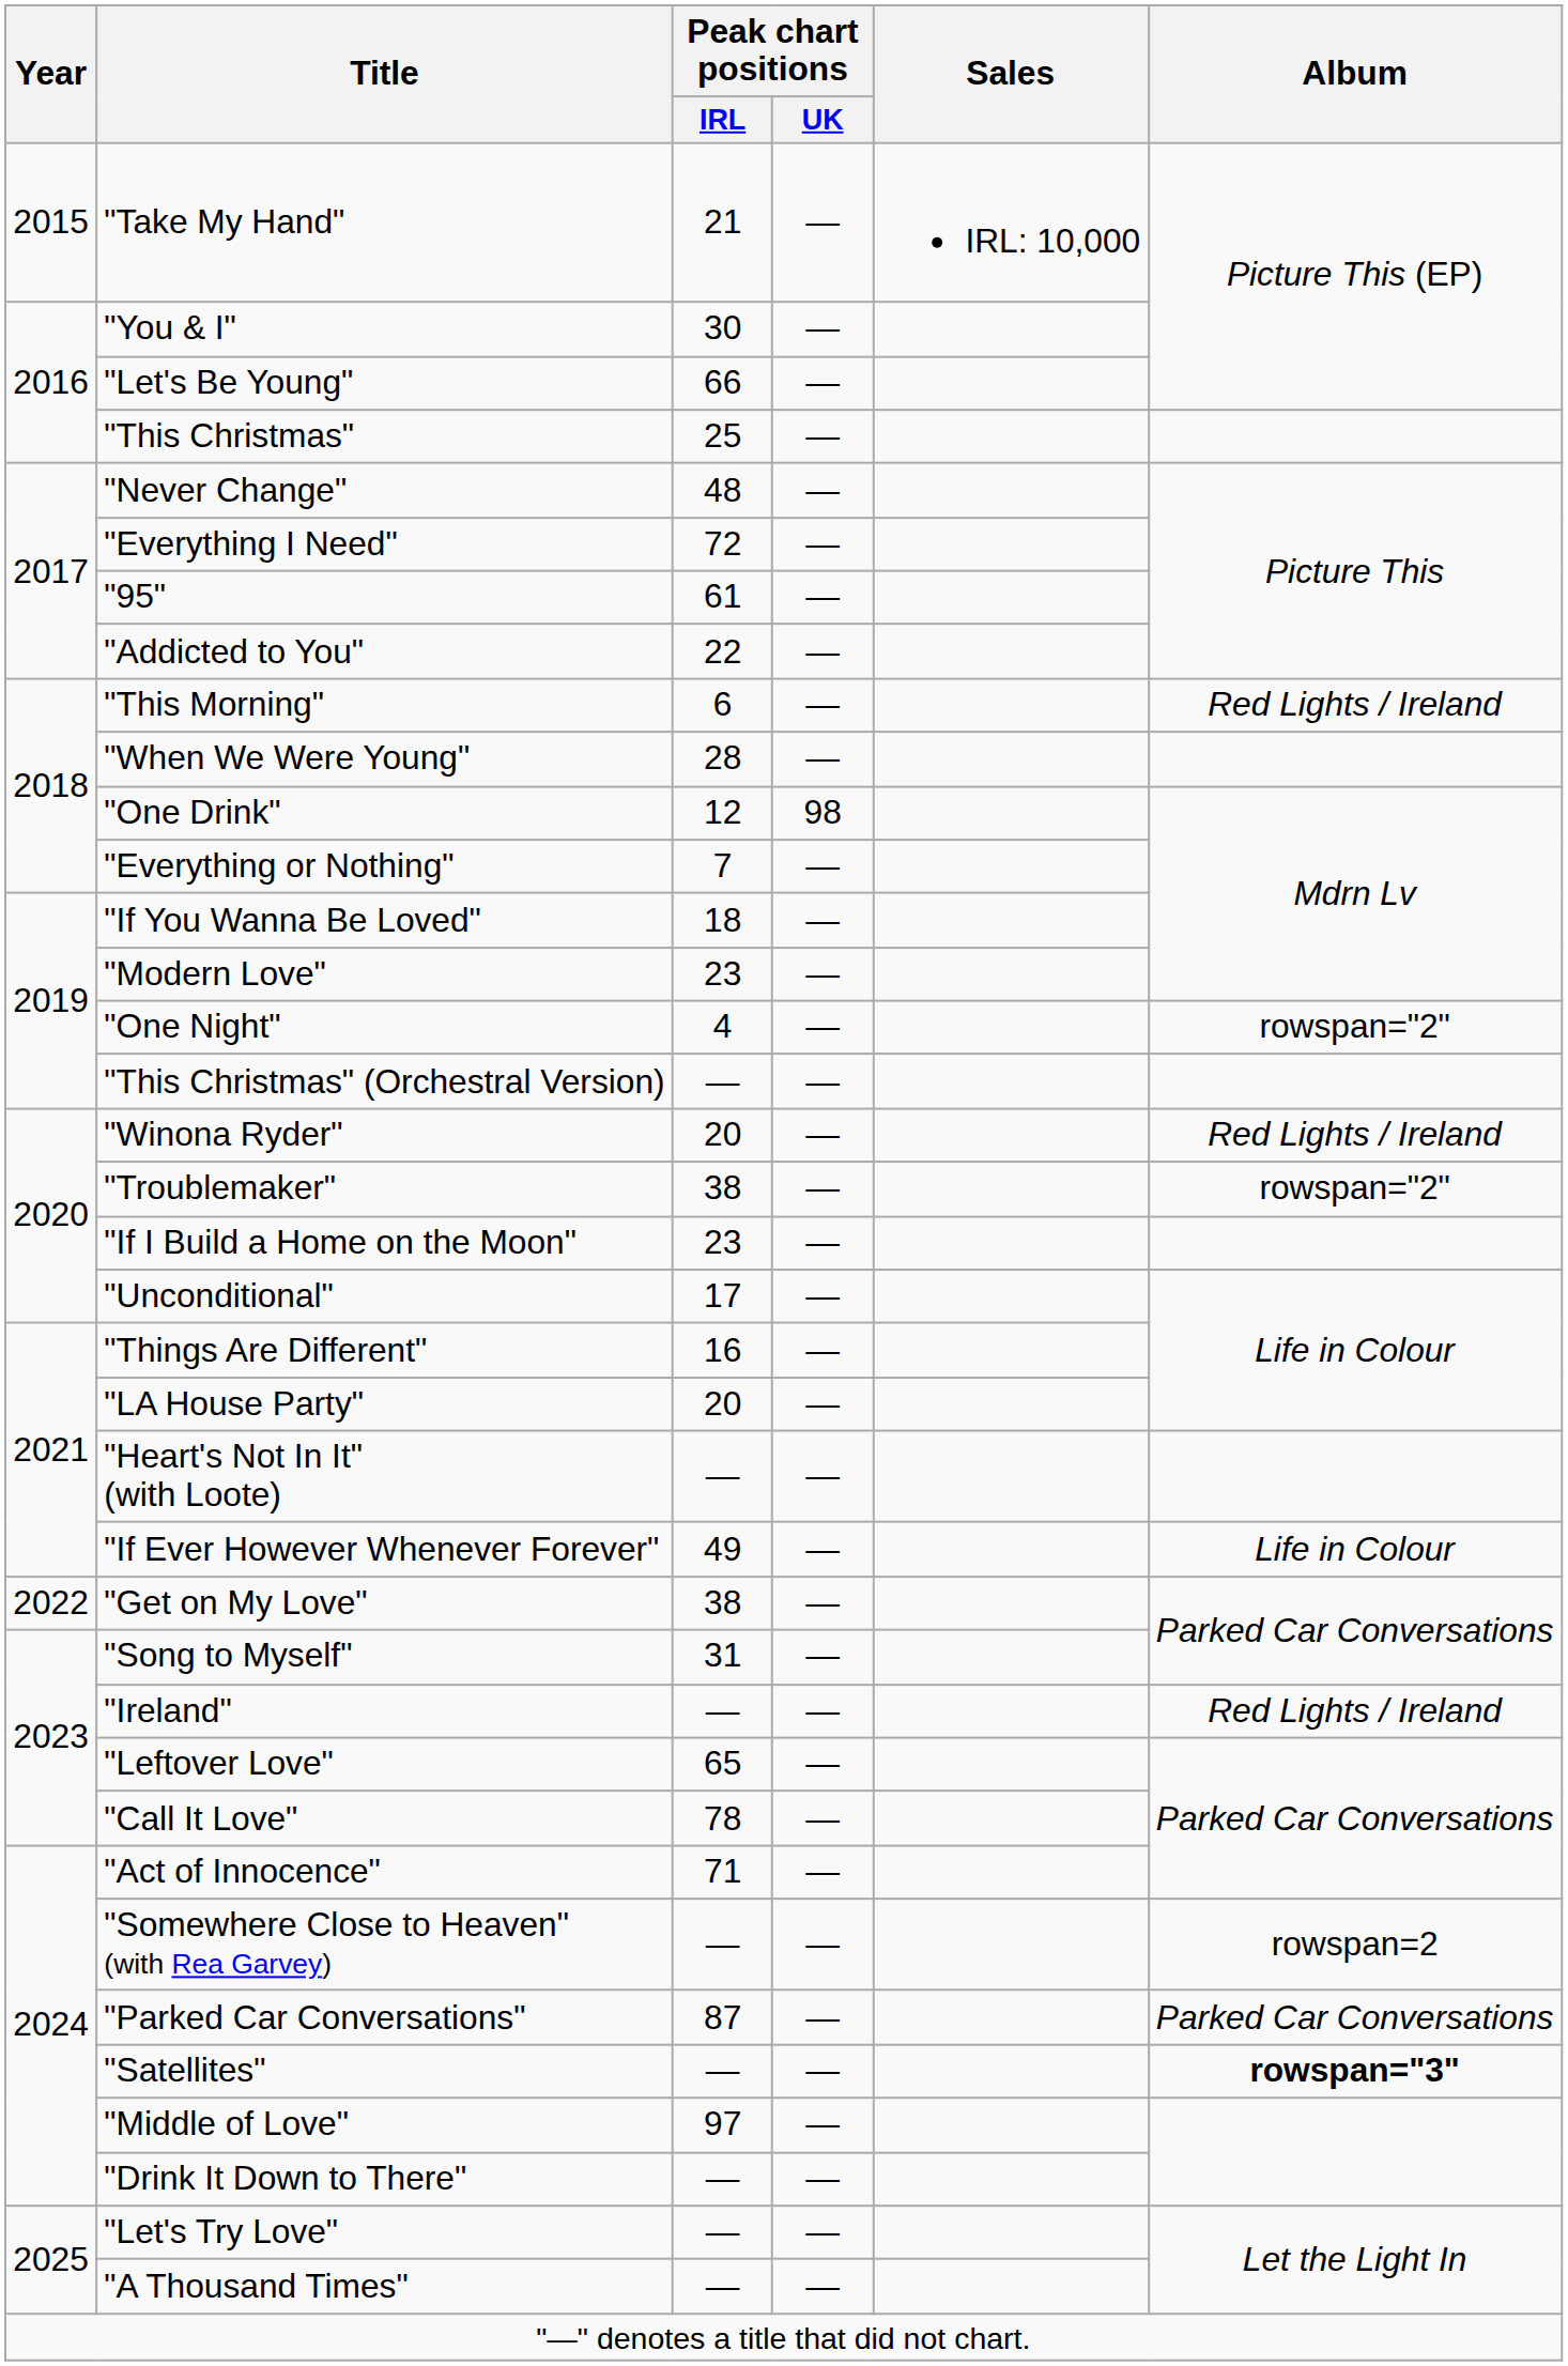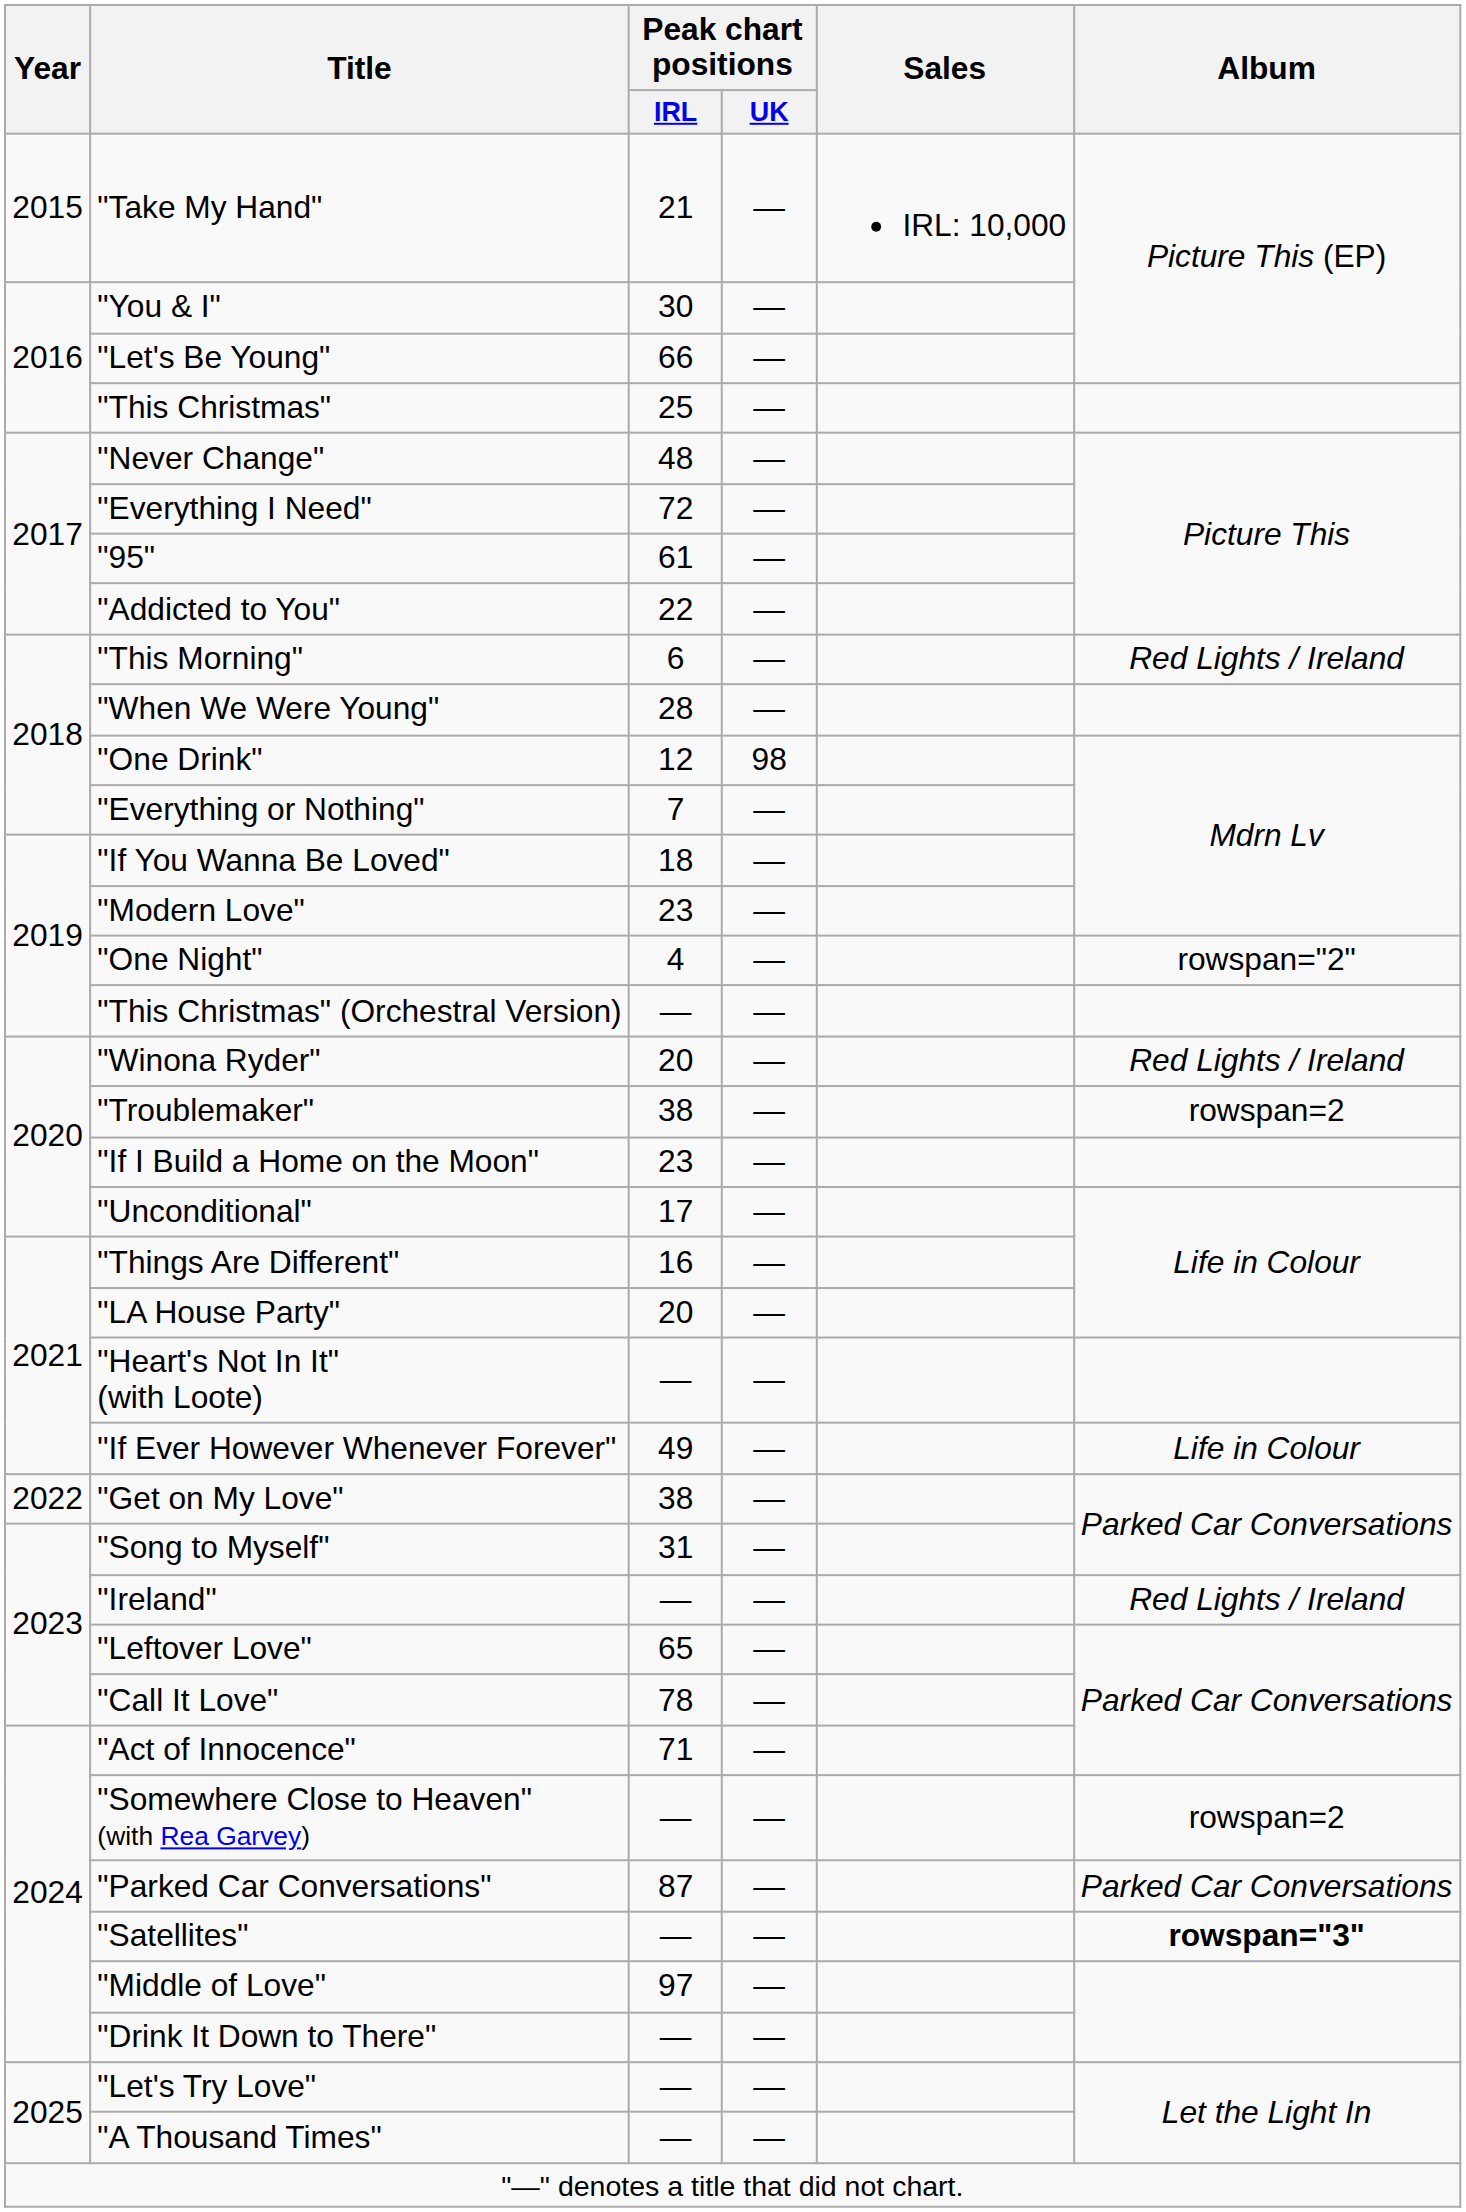 <table class="wikitable" style="text-align:center;">
 <tr>
 <th rowspan="2">Year</th>
 <th rowspan="2">Title</th>
 <th colspan="2">Peak chart positions</th>
 <th rowspan="2">Sales</th>
 <th rowspan="2">Album</th>
 </tr>
 <tr>
 <th style="width:3em;font-size:85%"><a href='#'>IRL</a><br></th>
 <th style="width:3em;font-size:85%"><a href='#'>UK</a><br></th>
 </tr>
 <tr>
 <td>2015</td>
 <td style="text-align:left;">"Take My Hand"</td>
 <td>21</td>
 <td>—</td>
 <td><br><ul><li>IRL: 10,000</li></ul></td>
 <td rowspan=3><em>Picture This</em> (EP)</td>
 </tr>
 <tr>
 <td rowspan="3">2016</td>
 <td style="text-align:left;">"You & I"</td>
 <td>30</td>
 <td>—</td>
 <td></td>
 </tr>
 <tr>
 <td style="text-align:left;">"Let's Be Young"</td>
 <td>66</td>
 <td>—</td>
 <td></td>
 </tr>
 <tr>
 <td style="text-align:left;">"This Christmas"</td>
 <td>25</td>
 <td>—</td>
 <td></td>
 <td></td>
 </tr>
 <tr>
 <td rowspan="4">2017</td>
 <td style="text-align:left;">"Never Change"</td>
 <td>48</td>
 <td>—</td>
 <td></td>
 <td rowspan=4><em>Picture This</em></td>
 </tr>
 <tr>
 <td style="text-align:left;">"Everything I Need"</td>
 <td>72</td>
 <td>—</td>
 <td></td>
 </tr>
 <tr>
 <td style="text-align:left;">"95"</td>
 <td>61</td>
 <td>—</td>
 <td></td>
 </tr>
 <tr>
 <td style="text-align:left;">"Addicted to You"</td>
 <td>22</td>
 <td>—</td>
 <td></td>
 </tr>
 <tr>
 <td rowspan="4">2018</td>
 <td style="text-align:left;">"This Morning"</td>
 <td>6</td>
 <td>—</td>
 <td></td>
 <td><em>Red Lights / Ireland</em></td>
 </tr>
 <tr>
 <td style="text-align:left;">"When We Were Young"</td>
 <td>28</td>
 <td>—</td>
 <td></td>
 </tr>
 <tr>
 <td style="text-align:left;">"One Drink"</td>
 <td>12</td>
 <td>98</td>
 <td></td>
 <td rowspan="4"><em>Mdrn Lv</em></td>
 </tr>
 <tr>
 <td style="text-align:left;">"Everything or Nothing"</td>
 <td>7</td>
 <td>—</td>
 <td></td>
 </tr>
 <tr>
 <td rowspan="4">2019</td>
 <td style="text-align:left;">"If You Wanna Be Loved"</td>
 <td>18</td>
 <td>—</td>
 <td></td>
 </tr>
 <tr>
 <td style="text-align:left;">"Modern Love"</td>
 <td>23</td>
 <td>—</td>
 <td></td>
 </tr>
 <tr>
 <td style="text-align:left;">"One Night"</td>
 <td>4</td>
 <td>—</td>
 <td></td>
 <td>rowspan="2" </td>
 </tr>
 <tr>
 <td style="text-align:left;">"This Christmas" (Orchestral Version) </td>
 <td>—</td>
 <td>—</td>
 <td></td>
 </tr>
 <tr>
 <td rowspan="4">2020</td>
 <td style="text-align:left;">"Winona Ryder"</td>
 <td>20</td>
 <td>—</td>
 <td></td>
 <td><em>Red Lights / Ireland</em></td>
 </tr>
 <tr>
 <td style="text-align:left;">"Troublemaker"</td>
 <td>38</td>
 <td>—</td>
 <td></td>
-<td>rowspan="2" </td>
+<td>rowspan=2 </td>
 </tr>
 <tr>
 <td style="text-align:left;">"If I Build a Home on the Moon"</td>
 <td>23</td>
 <td>—</td>
 <td></td>
 </tr>
 <tr>
 <td style="text-align:left;">"Unconditional"</td>
 <td>17</td>
 <td>—</td>
 <td></td>
 <td rowspan=3><em>Life in Colour</em></td>
 </tr>
 <tr>
 <td rowspan="4">2021</td>
 <td style="text-align:left;">"Things Are Different"</td>
 <td>16</td>
 <td>—</td>
 <td></td>
 </tr>
 <tr>
 <td style="text-align:left;">"LA House Party"</td>
 <td>20</td>
 <td>—</td>
 <td></td>
 </tr>
 <tr>
 <td style="text-align:left;">"Heart's Not In It"<br> (with Loote)</td>
 <td>—</td>
 <td>—</td>
 <td></td>
 <td></td>
 </tr>
 <tr>
 <td style="text-align:left;">"If Ever However Whenever Forever"</td>
 <td>49</td>
 <td>—</td>
 <td></td>
 <td><em>Life in Colour</em></td>
 </tr>
 <tr>
 <td>2022</td>
 <td style="text-align:left;">"Get on My Love"</td>
 <td>38</td>
 <td>—</td>
 <td></td>
 <td rowspan=2><em>Parked Car Conversations</em></td>
 </tr>
 <tr>
 <td rowspan="4">2023</td>
 <td style="text-align:left;">"Song to Myself"</td>
 <td>31</td>
 <td>—</td>
 <td></td>
 </tr>
 <tr>
 <td style="text-align:left;">"Ireland"</td>
 <td>—</td>
 <td>—</td>
 <td></td>
 <td><em>Red Lights / Ireland</em></td>
 </tr>
 <tr>
 <td style="text-align:left;">"Leftover Love"</td>
 <td>65</td>
 <td>—</td>
 <td></td>
 <td rowspan=3><em>Parked Car Conversations</em></td>
 </tr>
 <tr>
 <td style="text-align:left;">"Call It Love"</td>
 <td>78</td>
 <td>—</td>
 <td></td>
 </tr>
 <tr>
 <td rowspan="6">2024</td>
 <td style="text-align:left;">"Act of Innocence"</td>
 <td>71</td>
 <td>—</td>
 <td></td>
 </tr>
 <tr>
 <td align="left">"Somewhere Close to Heaven"<br><small>(with <a href='#'>Rea Garvey</a>)</small></td>
 <td>—</td>
 <td>—</td>
 <td></td>
 <td>rowspan=2 </td>
 </tr>
 <tr>
 <td style="text-align:left;">"Parked Car Conversations"</td>
 <td>87</td>
 <td>—</td>
 <td></td>
 <td><em>Parked Car Conversations</em></td>
 </tr>
 <tr>
 <td style="text-align:left;">"Satellites"</td>
 <td>—</td>
 <td>—</td>
 <td></td>
 <td><strong>rowspan="3" </strong></td>
 </tr>
 <tr>
 <td style="text-align:left;">"Middle of Love"<br></td>
 <td>97<br></td>
 <td>—</td>
 <td></td>
 </tr>
 <tr>
 <td style="text-align:left;">"Drink It Down to There"</td>
 <td>—</td>
 <td>—</td>
 <td></td>
 </tr>
 <tr>
 <td rowspan="2">2025</td>
 <td style="text-align:left;">"Let's Try Love"</td>
 <td>—</td>
 <td>—</td>
 <td></td>
 <td rowspan="2"><em>Let the Light In</em></td>
 </tr>
 <tr>
 <td style="text-align:left;">"A Thousand Times"</td>
 <td>—</td>
 <td>—</td>
 <td></td>
 </tr>
 <tr>
 <td colspan="7" style="font-size:90%">"—" denotes a title that did not chart.</td>
 </tr>
 </table>
